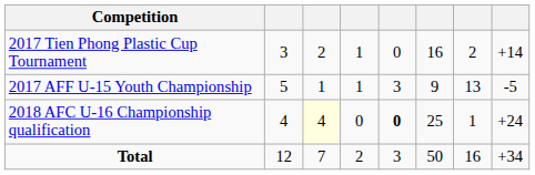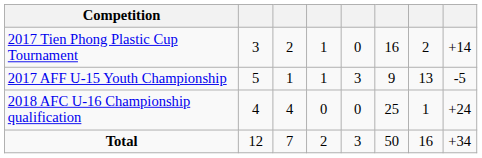 <table class="wikitable" style="text-align: center;">
 <tr>
 <th width=250>Competition</th>
 <th width=30></th>
 <th width=30></th>
 <th width=30></th>
 <th width=30></th>
 <th width=30></th>
 <th width=30></th>
 <th width=30></th>
 </tr>
 <tr>
 <td align=left><a href='#'>2017 Tien Phong Plastic Cup Tournament</a></td>
 <td>3</td>
 <td>2</td>
 <td>1</td>
 <td>0</td>
 <td>16</td>
 <td>2</td>
 <td>+14</td>
 </tr>
 <tr>
 <td align=left><a href='#'>2017 AFF U-15 Youth Championship</a></td>
 <td>5</td>
 <td>1</td>
 <td>1</td>
 <td>3</td>
 <td>9</td>
 <td>13</td>
 <td>-5</td>
 </tr>
 <tr>
 <td align=left><a href='#'>2018 AFC U-16 Championship qualification</a></td>
 <td>4</td>
-<td style="background: lightyellow;">4</td>
+<td>4</td>
 <td>0</td>
-<td><strong>0</strong></td>
+<td>0</td>
 <td>25</td>
 <td>1</td>
 <td>+24</td>
 </tr>
 <tr>
 <td><strong>Total</strong></td>
 <td>12</td>
 <td>7</td>
 <td>2</td>
 <td>3</td>
 <td>50</td>
 <td>16</td>
 <td>+34</td>
 </tr>
 </table>
